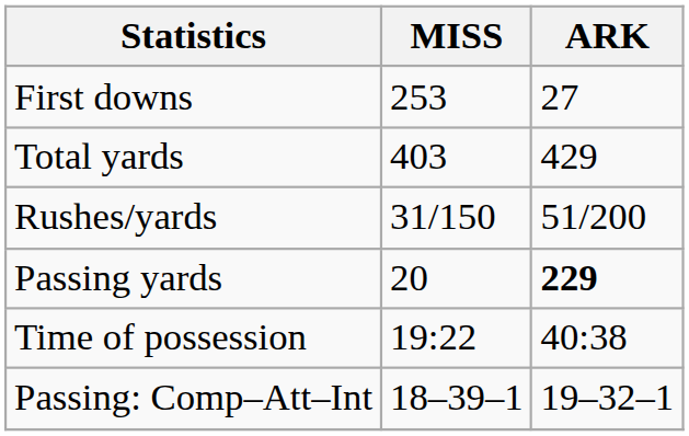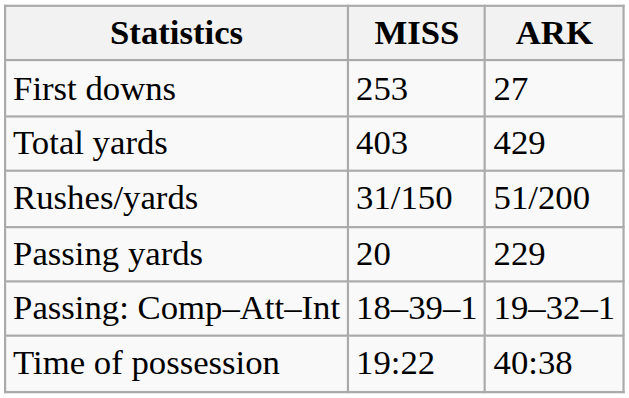 <table class="wikitable" style="float: left;">
 <tr>
 <th>Statistics</th>
 <th>MISS</th>
 <th>ARK</th>
 </tr>
 <tr>
 <td>First downs</td>
 <td>253</td>
 <td>27</td>
 </tr>
 <tr>
 <td>Total yards</td>
 <td>403</td>
 <td>429</td>
 </tr>
 <tr>
 <td>Rushes/yards</td>
 <td>31/150</td>
 <td>51/200</td>
 </tr>
 <tr>
 <td>Passing yards</td>
 <td>20</td>
-<td><strong>229</strong></td>
+<td>229</td>
+</tr>
+<tr>
+<td>Passing: Comp–Att–Int</td>
+<td>18–39–1</td>
+<td>19–32–1</td>
 </tr>
 <tr>
 <td>Time of possession</td>
 <td>19:22</td>
 <td>40:38</td>
 </tr>
 <tr>
-<td>Passing: Comp–Att–Int</td>
-<td>18–39–1</td>
-<td>19–32–1</td>
-</tr>
-<tr>
 </tr>
 </table>
